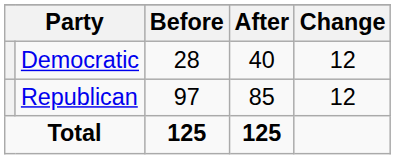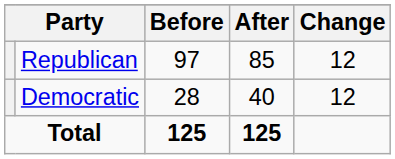 <table class="wikitable" style="text-align:center;">
 <tr>
 </tr>
 <tr>
 <th colspan=2>Party</th>
 <th>Before</th>
 <th>After</th>
 <th>Change</th>
 </tr>
 <tr>
 <th style="background-color:"></th>
-<td style="text-align:left;"><a href='#'>Democratic</a></td>
-<td>28</td>
-<td>40</td>
+<td style="text-align:left;"><a href='#'>Republican</a></td>
+<td>97</td>
+<td>85</td>
 <td> 12</td>
 </tr>
 <tr>
 <th style="background-color:"></th>
-<td style="text-align:left;"><a href='#'>Republican</a></td>
-<td>97</td>
-<td>85</td>
+<td style="text-align:left;"><a href='#'>Democratic</a></td>
+<td>28</td>
+<td>40</td>
 <td> 12</td>
 </tr>
 <tr>
 <td colspan=2><strong>Total</strong></td>
 <td><strong>125</strong></td>
 <td><strong>125</strong></td>
 <td></td>
 </tr>
 </table>
